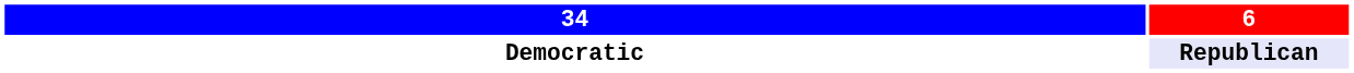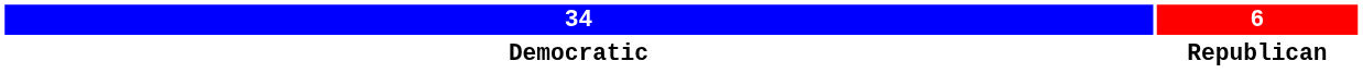 <table style="width:60%; text-align:center;">
 <tr style="color:white;">
 <td style="background:blue; width:85.0%;"><strong>34</strong></td>
 <td style="background:red; width:15.0%;"><strong>6</strong></td>
 </tr>
 <tr>
 <td><span><strong>Democratic</strong></span></td>
-<td style="background: lavender;"><span><strong>Republican</strong></span></td>
+<td><span><strong>Republican</strong></span></td>
 </tr>
 </table>
